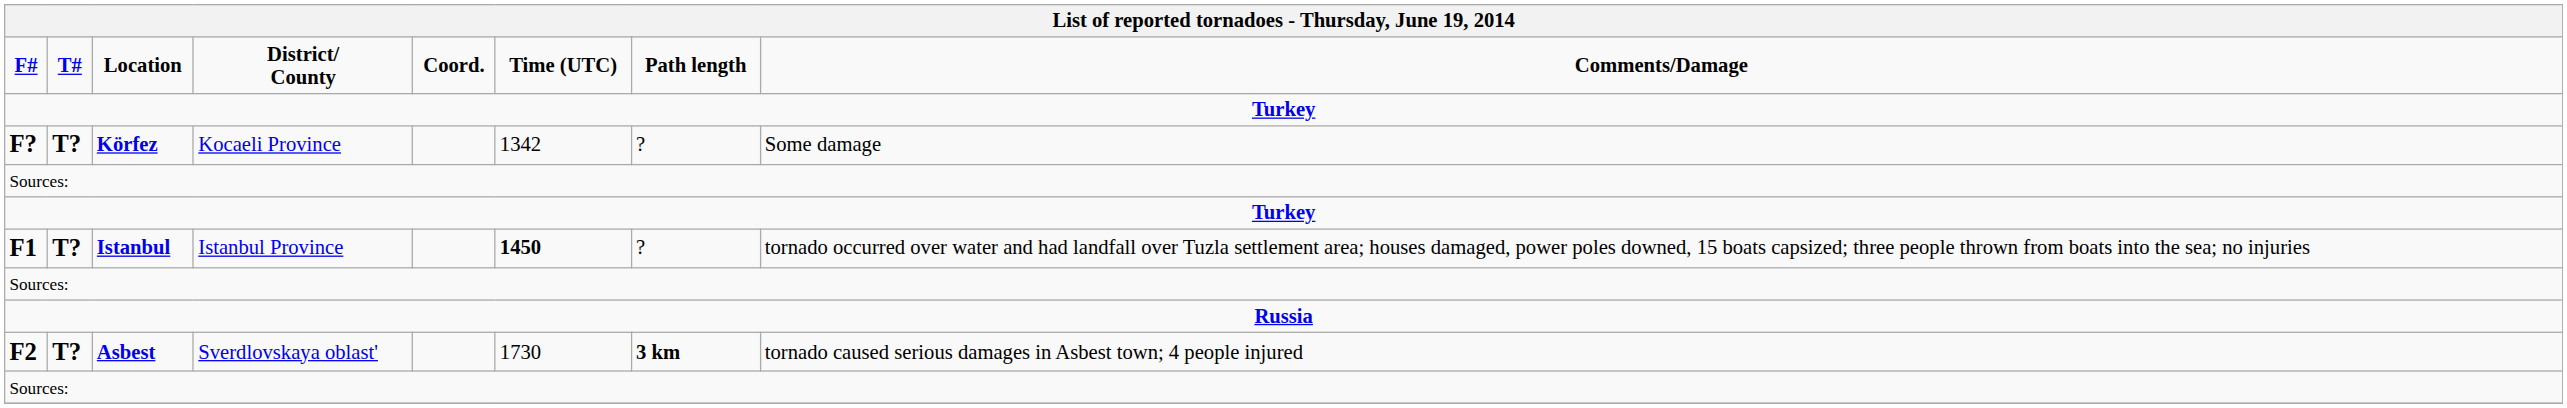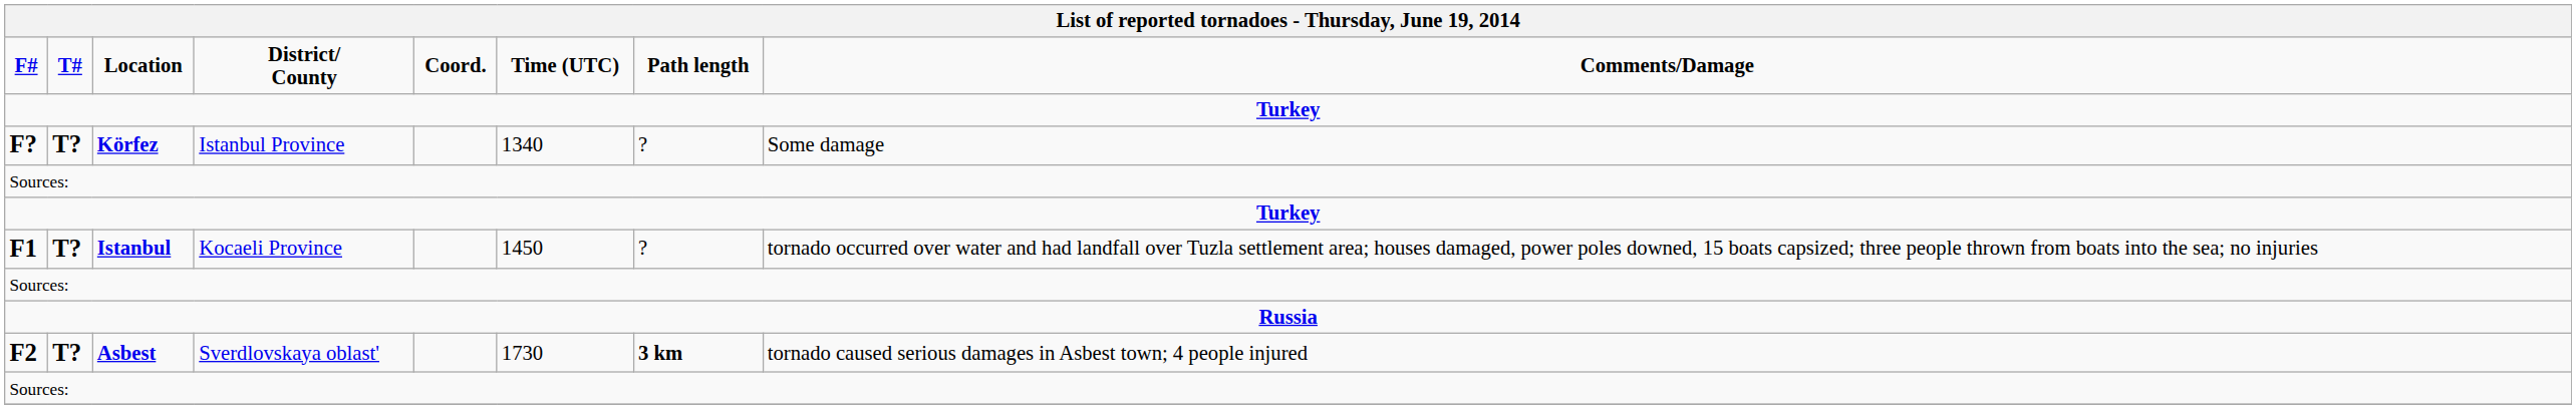 <table class="wikitable collapsible" width="100%">
 <tr>
 <th colspan="8">List of reported tornadoes - Thursday, June 19, 2014</th>
 </tr>
 <tr>
 <td style="text-align: center;"><strong><a href='#'>F#</a></strong></td>
 <td style="text-align: center;"><strong><a href='#'>T#</a></strong></td>
 <td style="text-align: center;"><strong>Location</strong></td>
 <td style="text-align: center;"><strong>District/<br>County</strong></td>
 <td style="text-align: center;"><strong>Coord.</strong></td>
 <td style="text-align: center;"><strong>Time (UTC)</strong></td>
 <td style="text-align: center;"><strong>Path length</strong></td>
 <td style="text-align: center;"><strong>Comments/Damage</strong></td>
 </tr>
 <tr>
 <td colspan="8" align=center><strong><a href='#'>Turkey</a></strong></td>
 </tr>
 <tr>
 <td><big><strong>F?</strong></big></td>
 <td><big><strong>T?</strong></big></td>
 <td><strong><a href='#'>Körfez</a></strong></td>
-<td><a href='#'>Kocaeli Province</a></td>
+<td><a href='#'>Istanbul Province</a></td>
 <td></td>
-<td>1342</td>
+<td>1340</td>
 <td>?</td>
 <td>Some damage</td>
 </tr>
 <tr>
 <td colspan="8"><small>Sources:</small></td>
 </tr>
 <tr>
 <td colspan="8" align=center><strong><a href='#'>Turkey</a></strong></td>
 </tr>
 <tr>
 <td><big><strong>F1</strong></big></td>
 <td><big><strong>T?</strong></big></td>
 <td><strong><a href='#'>Istanbul</a></strong></td>
-<td><a href='#'>Istanbul Province</a></td>
+<td><a href='#'>Kocaeli Province</a></td>
 <td></td>
-<td><strong>1450</strong></td>
+<td>1450</td>
 <td>?</td>
 <td>tornado occurred over water and had landfall over Tuzla settlement area; houses damaged, power poles downed, 15 boats capsized; three people thrown from boats into the sea; no injuries</td>
 </tr>
 <tr>
 <td colspan="8"><small>Sources:</small></td>
 </tr>
 <tr>
 <td colspan="8" align=center><strong><a href='#'>Russia</a></strong></td>
 </tr>
 <tr>
 <td><big><strong>F2</strong></big></td>
 <td><big><strong>T?</strong></big></td>
 <td><strong><a href='#'>Asbest</a></strong></td>
 <td><a href='#'>Sverdlovskaya oblast'</a></td>
 <td></td>
 <td>1730</td>
 <td><strong>3 km</strong></td>
 <td>tornado caused serious damages in Asbest town; 4 people injured</td>
 </tr>
 <tr>
 <td colspan="8"><small>Sources:</small></td>
 </tr>
 <tr>
 </tr>
 </table>
